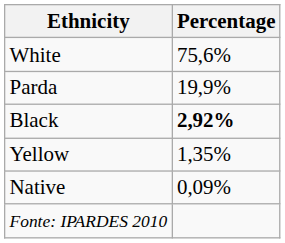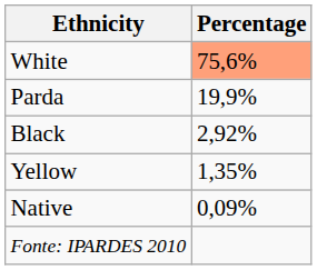 <table class="wikitable">
 <tr>
 <th>Ethnicity</th>
 <th>Percentage</th>
 </tr>
 <tr>
 <td>White</td>
-<td>75,6%</td>
+<td style="background: lightsalmon;">75,6%</td>
 </tr>
 <tr>
 <td>Parda</td>
 <td>19,9%</td>
 </tr>
 <tr>
 <td>Black</td>
-<td><strong>2,92%</strong></td>
+<td>2,92%</td>
 </tr>
 <tr>
 <td>Yellow</td>
 <td>1,35%</td>
 </tr>
 <tr>
 <td>Native</td>
 <td>0,09%</td>
 </tr>
 <tr>
 <td><small><em>Fonte: IPARDES 2010</em></small></td>
 </tr>
 </table>
